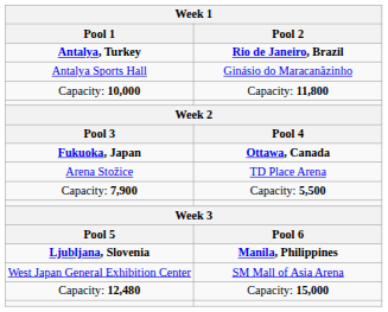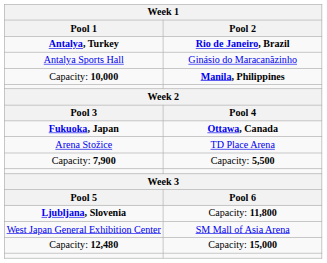 <table class="wikitable" style="text-align:center">
 <tr>
 <th width=100% colspan=2>Week 1</th>
 </tr>
 <tr>
 <th width=50%>Pool 1</th>
 <th width=50%>Pool 2</th>
 </tr>
 <tr>
 <td><strong><a href='#'>Antalya</a>, Turkey</strong></td>
 <td><strong><a href='#'>Rio de Janeiro</a>, Brazil</strong></td>
 </tr>
 <tr>
 <td><a href='#'>Antalya Sports Hall</a></td>
 <td><a href='#'>Ginásio do Maracanãzinho</a></td>
 </tr>
 <tr>
 <td>Capacity: <strong>10,000</strong></td>
-<td>Capacity: <strong>11,800</strong></td>
+<td><strong><a href='#'>Manila</a>, Philippines</strong></td>
 </tr>
 <tr>
 <td></td>
 <td></td>
 </tr>
 <tr>
 <th width=100% colspan=2>Week 2</th>
 </tr>
 <tr>
 <th width=50%>Pool 3</th>
 <th width=50%>Pool 4</th>
 </tr>
 <tr>
 <td><strong><a href='#'>Fukuoka</a>, Japan</strong></td>
 <td><strong><a href='#'>Ottawa</a>, Canada</strong></td>
 </tr>
 <tr>
 <td><a href='#'>Arena Stožice</a></td>
 <td><a href='#'>TD Place Arena</a></td>
 </tr>
 <tr>
 <td>Capacity: <strong>7,900</strong></td>
 <td>Capacity: <strong>5,500</strong></td>
 </tr>
 <tr>
 <td></td>
 <td></td>
 </tr>
 <tr>
 <th width=100% colspan=2>Week 3</th>
 </tr>
 <tr>
 <th width=50%>Pool 5</th>
 <th width=50%>Pool 6</th>
 </tr>
 <tr>
 <td><strong><a href='#'>Ljubljana</a>, Slovenia</strong></td>
-<td><strong><a href='#'>Manila</a>, Philippines</strong></td>
+<td>Capacity: <strong>11,800</strong></td>
 </tr>
 <tr>
 <td><a href='#'>West Japan General Exhibition Center</a></td>
 <td><a href='#'>SM Mall of Asia Arena</a></td>
 </tr>
 <tr>
 <td>Capacity: <strong>12,480</strong></td>
 <td>Capacity: <strong>15,000</strong></td>
 </tr>
 <tr>
 <td></td>
 <td></td>
 </tr>
 </table>
